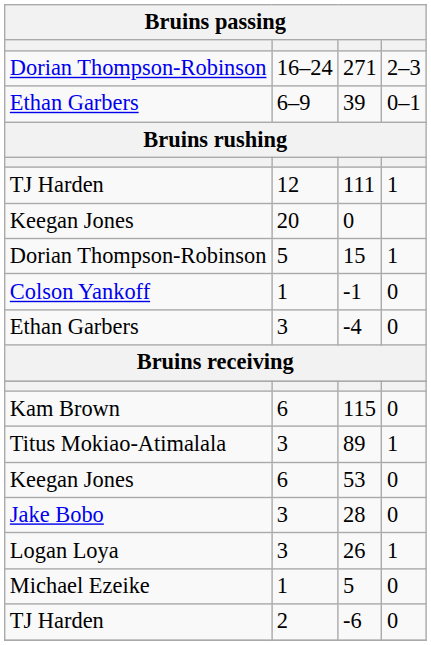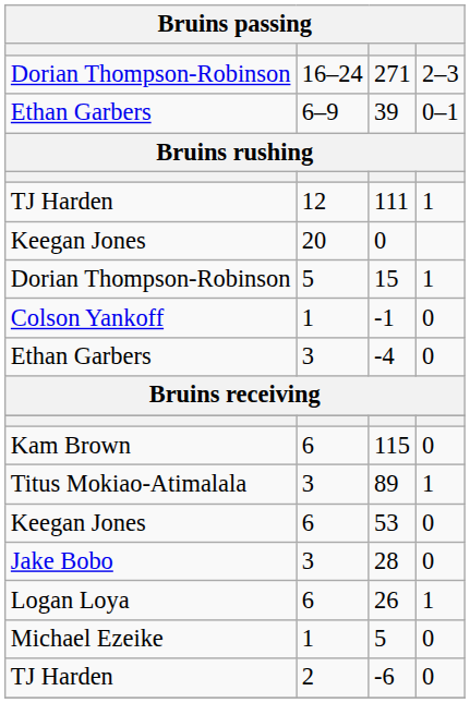 <table class="wikitable plainrowheaders">
 <tr>
 <th colspan="6">Bruins passing</th>
 </tr>
 <tr>
 <th scope="col"></th>
 <th scope="col"></th>
 <th scope="col"></th>
 <th scope="col"></th>
 </tr>
 <tr>
 <td><a href='#'>Dorian Thompson-Robinson</a></td>
 <td>16–24</td>
 <td>271</td>
 <td>2–3</td>
 </tr>
 <tr>
 <td><a href='#'>Ethan Garbers</a></td>
 <td>6–9</td>
 <td>39</td>
 <td>0–1</td>
 </tr>
 <tr>
 <th colspan="6">Bruins rushing</th>
 </tr>
 <tr>
 <th scope="col"></th>
 <th scope="col"></th>
 <th scope="col"></th>
 <th scope="col"></th>
 </tr>
 <tr>
 <td>TJ Harden</td>
 <td>12</td>
 <td>111</td>
 <td>1</td>
 </tr>
 <tr>
 <td>Keegan Jones</td>
 <td 7>20</td>
 <td>0</td>
 </tr>
 <tr>
 <td>Dorian Thompson-Robinson</td>
 <td>5</td>
 <td>15</td>
 <td>1</td>
 </tr>
 <tr>
 <td><a href='#'>Colson Yankoff</a></td>
 <td>1</td>
 <td>-1</td>
 <td>0</td>
 </tr>
 <tr>
 <td>Ethan Garbers</td>
 <td>3</td>
 <td>-4</td>
 <td>0</td>
 </tr>
 <tr>
 <th colspan="6">Bruins receiving</th>
 </tr>
 <tr>
 </tr>
 <tr>
 <th scope="col"></th>
 <th scope="col"></th>
 <th scope="col"></th>
 <th scope="col"></th>
 </tr>
 <tr>
 <td>Kam Brown</td>
 <td>6</td>
 <td>115</td>
 <td>0</td>
 </tr>
 <tr>
 <td>Titus Mokiao-Atimalala</td>
 <td>3</td>
 <td>89</td>
 <td>1</td>
 </tr>
 <tr>
 <td>Keegan Jones</td>
 <td>6</td>
 <td>53</td>
 <td>0</td>
 </tr>
 <tr>
 <td><a href='#'>Jake Bobo</a></td>
 <td>3</td>
 <td>28</td>
 <td>0</td>
 </tr>
 <tr>
 <td>Logan Loya</td>
-<td>3</td>
+<td>6</td>
 <td>26</td>
 <td>1</td>
 </tr>
 <tr>
 <td>Michael Ezeike</td>
 <td>1</td>
 <td>5</td>
 <td>0</td>
 </tr>
 <tr>
 <td>TJ Harden</td>
 <td>2</td>
 <td>-6</td>
 <td>0</td>
 </tr>
 <tr>
 </tr>
 </table>
